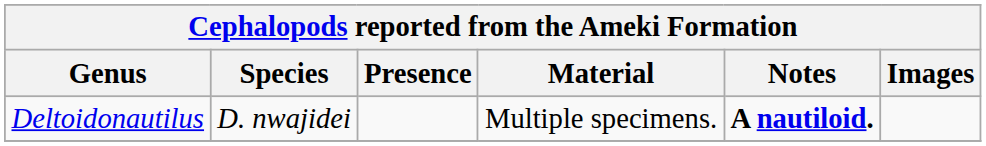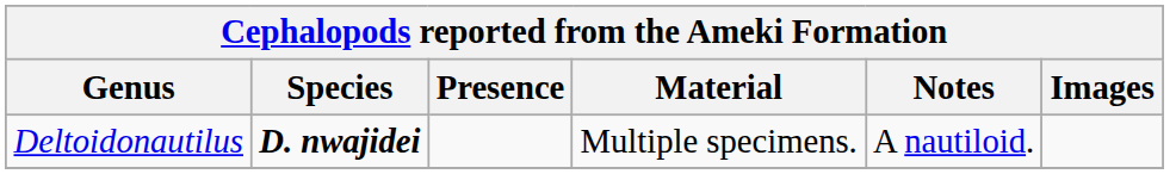 <table class="wikitable" align="center">
 <tr>
 <th colspan="6" align="center"><a href='#'>Cephalopods</a> reported from the Ameki Formation</th>
 </tr>
 <tr>
 <th>Genus</th>
 <th>Species</th>
 <th>Presence</th>
 <th>Material</th>
 <th>Notes</th>
 <th>Images</th>
 </tr>
 <tr>
 <td><em><a href='#'>Deltoidonautilus</a></em></td>
-<td><em>D. nwajidei</em></td>
+<td><strong><em>D. nwajidei</em></strong></td>
 <td></td>
 <td>Multiple specimens.</td>
-<td><strong>A <a href='#'>nautiloid</a>.</strong></td>
+<td>A <a href='#'>nautiloid</a>.</td>
 <td></td>
 </tr>
 <tr>
 </tr>
 </table>
